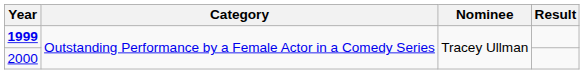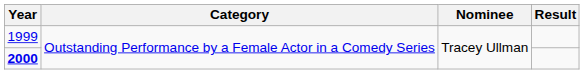 <table class="wikitable">
 <tr>
 <th>Year</th>
 <th>Category</th>
 <th>Nominee</th>
 <th>Result</th>
 </tr>
 <tr>
-<td><strong><a href='#'>1999</a></strong></td>
+<td><a href='#'>1999</a></td>
 <td rowspan=2><a href='#'>Outstanding Performance by a Female Actor in a Comedy Series</a></td>
 <td rowspan=2>Tracey Ullman</td>
 <td></td>
 </tr>
 <tr>
-<td><a href='#'>2000</a></td>
+<td><strong><a href='#'>2000</a></strong></td>
 <td></td>
 </tr>
 </table>
